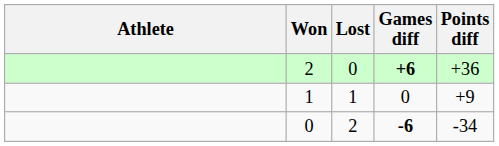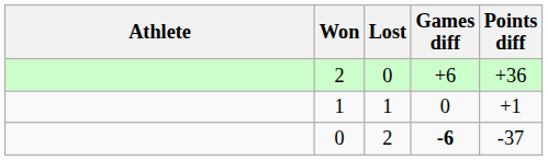 <table class="wikitable">
 <tr>
 <th style="width:15em">Athlete</th>
 <th>Won</th>
 <th>Lost</th>
 <th>Games<br>diff</th>
 <th>Points<br>diff</th>
 </tr>
 <tr bgcolor="#ccffcc">
 <td></td>
 <td align="center">2</td>
 <td align="center">0</td>
-<td align="center"><strong>+6</strong></td>
+<td align="center">+6</td>
 <td align="center">+36</td>
 </tr>
 <tr>
 <td></td>
 <td align="center">1</td>
 <td align="center">1</td>
 <td align="center">0</td>
-<td align="center">+9</td>
+<td align="center">+1</td>
 </tr>
 <tr>
 <td></td>
 <td align="center">0</td>
 <td align="center">2</td>
 <td align="center"><strong>-6</strong></td>
-<td align="center">-34</td>
+<td align="center">-37</td>
 </tr>
 </table>
